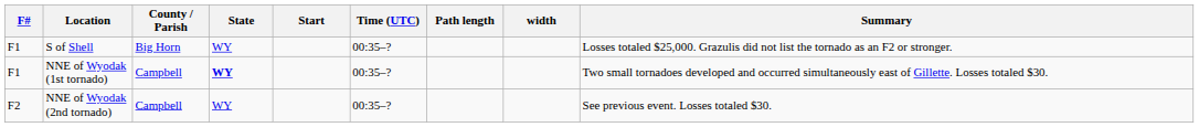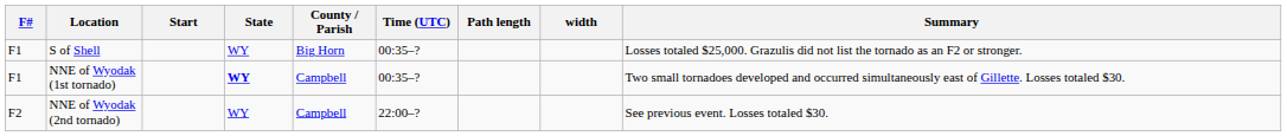 <table class="wikitable sortable" style="width:100%">
 <tr>
 <th scope="col"  style="width:3%; text-align:center;"><a href='#'>F#</a></th>
 <th scope="col"  style="width:7%; text-align:center;" class="unsortable">Location</th>
+<th scope="col"  style="width:6%; text-align:center;">Start<br></th>
+<th scope="col"  style="width:5%; text-align:center;">State</th>
 <th scope="col"  style="width:6%; text-align:center;" class="unsortable">County / Parish</th>
-<th scope="col"  style="width:5%; text-align:center;">State</th>
-<th scope="col"  style="width:6%; text-align:center;">Start<br></th>
 <th scope="col"  style="width:6%; text-align:center;">Time (<a href='#'>UTC</a>)</th>
 <th scope="col"  style="width:6%; text-align:center;">Path length</th>
 <th scope="col"  style="width:6%; text-align:center;"> width</th>
 <th scope="col" class="unsortable" style="width:48%; text-align:center;">Summary</th>
 </tr>
 <tr>
 <td>F1</td>
 <td>S of <a href='#'>Shell</a></td>
+<td></td>
+<td><a href='#'>WY</a></td>
 <td><a href='#'>Big Horn</a></td>
-<td><a href='#'>WY</a></td>
-<td></td>
 <td>00:35–?</td>
 <td></td>
 <td></td>
 <td>Losses totaled $25,000. Grazulis did not list the tornado as an F2 or stronger.</td>
 </tr>
 <tr>
 <td>F1</td>
 <td>NNE of <a href='#'>Wyodak</a> (1st tornado)</td>
+<td></td>
+<td><strong><a href='#'>WY</a></strong></td>
 <td><a href='#'>Campbell</a></td>
-<td><strong><a href='#'>WY</a></strong></td>
-<td></td>
 <td>00:35–?</td>
 <td></td>
 <td></td>
 <td>Two small tornadoes developed and occurred simultaneously east of <a href='#'>Gillette</a>. Losses totaled $30.</td>
 </tr>
 <tr>
 <td>F2</td>
 <td>NNE of <a href='#'>Wyodak</a> (2nd tornado)</td>
+<td></td>
+<td><a href='#'>WY</a></td>
 <td><a href='#'>Campbell</a></td>
-<td><a href='#'>WY</a></td>
-<td></td>
-<td>00:35–?</td>
+<td>22:00–?</td>
 <td></td>
 <td></td>
 <td>See previous event. Losses totaled $30.</td>
 </tr>
 </table>
